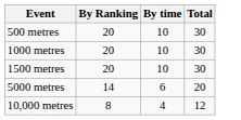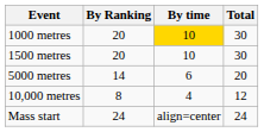 <table class = "wikitable">
 <tr>
 <th>Event</th>
 <th>By Ranking</th>
 <th>By time</th>
 <th>Total</th>
 </tr>
 <tr>
-<td>500 metres</td>
-<td align=center>20</td>
-<td align=center>10</td>
-<td align=center>30</td>
-</tr>
-<tr>
 <td>1000 metres</td>
 <td align=center>20</td>
-<td align=center>10</td>
+<td align=center style="background: gold;">10</td>
 <td align=center>30</td>
 </tr>
 <tr>
 <td>1500 metres</td>
 <td align=center>20</td>
 <td align=center>10</td>
 <td align=center>30</td>
 </tr>
 <tr>
 <td>5000 metres</td>
 <td align=center>14</td>
 <td align=center>6</td>
 <td align=center>20</td>
 </tr>
 <tr>
 <td>10,000 metres</td>
 <td align=center>8</td>
 <td align=center>4</td>
 <td align=center>12</td>
 </tr>
+<tr>
+<td>Mass start</td>
+<td align=center>24</td>
+<td>align=center </td>
+<td align=center>24</td>
+</tr>
 </table>
